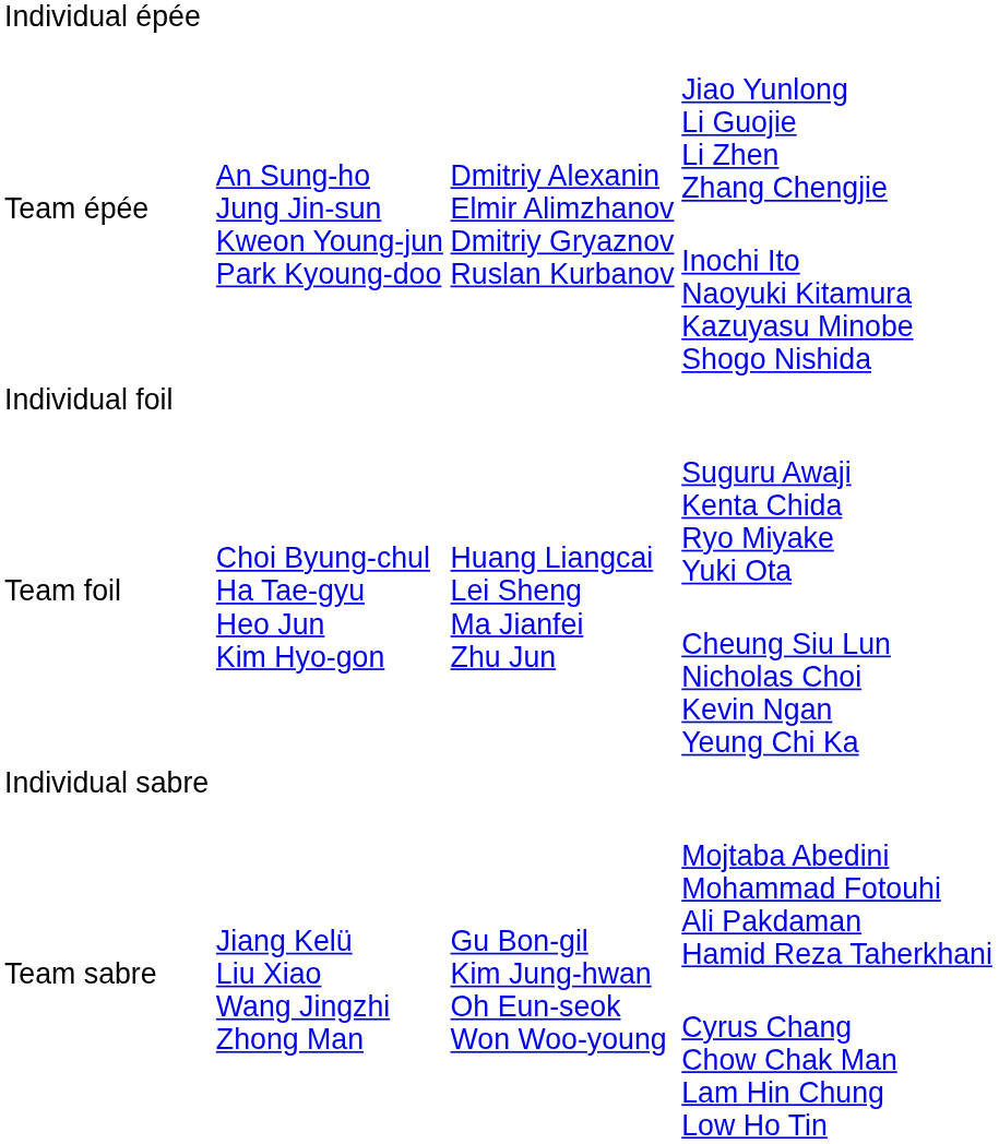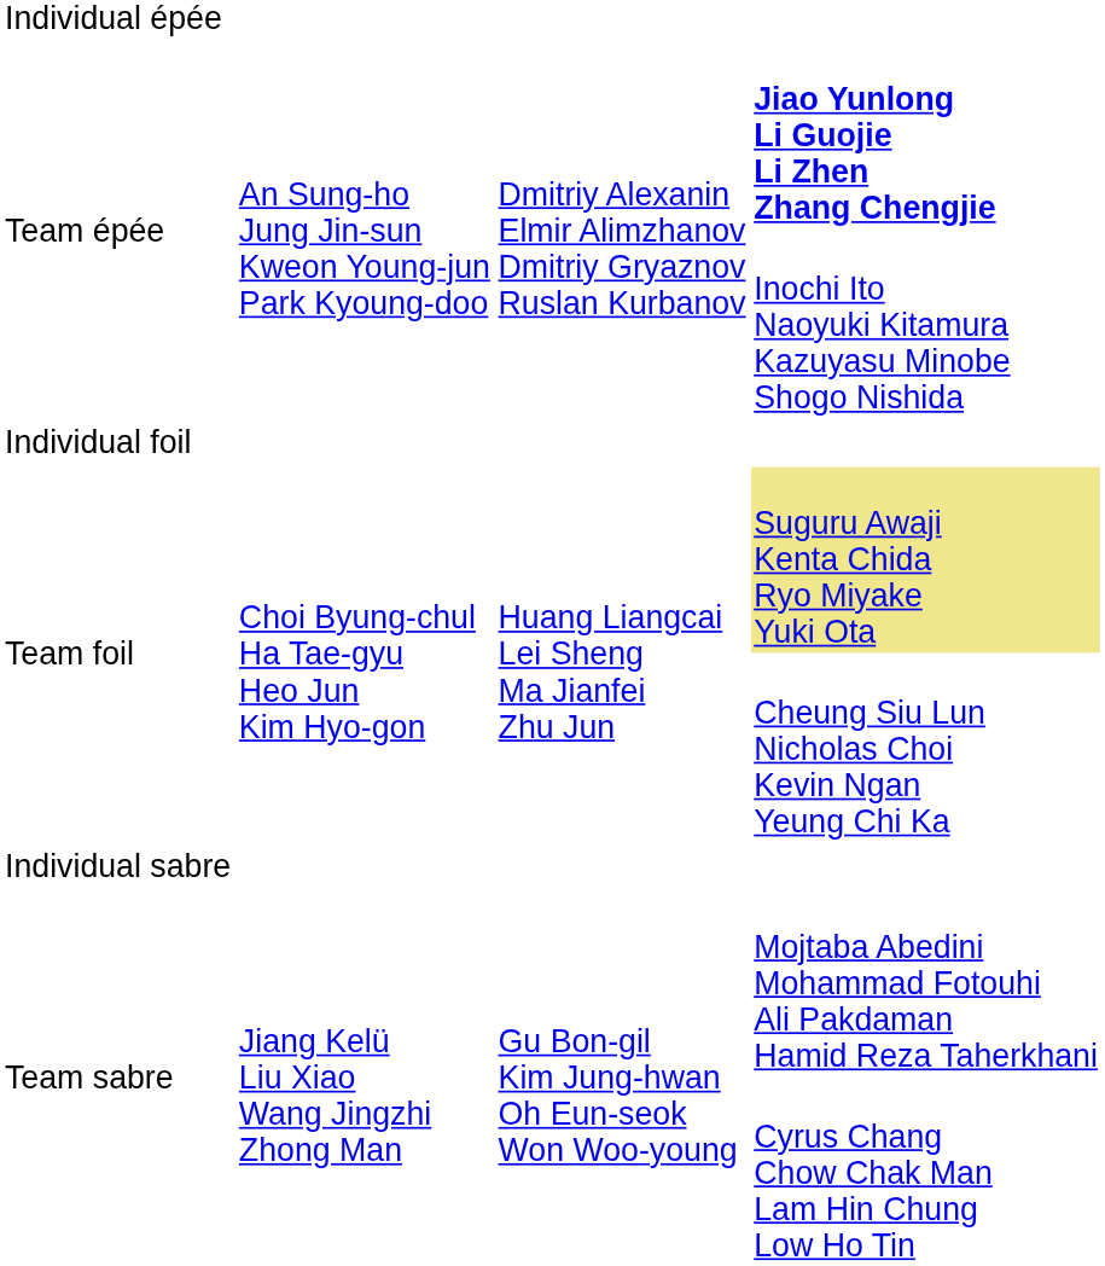 <table>
 <tr>
 <td rowspan=2>Individual épée</td>
 <td rowspan=2></td>
 <td rowspan=2></td>
 <td></td>
 </tr>
 <tr>
 <td></td>
 </tr>
 <tr>
 <td rowspan=2>Team épée</td>
 <td rowspan=2><br><a href='#'>An Sung-ho</a><br><a href='#'>Jung Jin-sun</a><br><a href='#'>Kweon Young-jun</a><br><a href='#'>Park Kyoung-doo</a></td>
 <td rowspan=2><br><a href='#'>Dmitriy Alexanin</a><br><a href='#'>Elmir Alimzhanov</a><br><a href='#'>Dmitriy Gryaznov</a><br><a href='#'>Ruslan Kurbanov</a></td>
-<td><br><a href='#'>Jiao Yunlong</a><br><a href='#'>Li Guojie</a><br><a href='#'>Li Zhen</a><br><a href='#'>Zhang Chengjie</a></td>
+<td><strong><br><a href='#'>Jiao Yunlong</a><br><a href='#'>Li Guojie</a><br><a href='#'>Li Zhen</a><br><a href='#'>Zhang Chengjie</a></strong></td>
 </tr>
 <tr>
 <td><br><a href='#'>Inochi Ito</a><br><a href='#'>Naoyuki Kitamura</a><br><a href='#'>Kazuyasu Minobe</a><br><a href='#'>Shogo Nishida</a></td>
 </tr>
 <tr>
 <td rowspan=2>Individual foil</td>
 <td rowspan=2></td>
 <td rowspan=2></td>
 <td></td>
 </tr>
 <tr>
 <td></td>
 </tr>
 <tr>
 <td rowspan=2>Team foil</td>
 <td rowspan=2><br><a href='#'>Choi Byung-chul</a><br><a href='#'>Ha Tae-gyu</a><br><a href='#'>Heo Jun</a><br><a href='#'>Kim Hyo-gon</a></td>
 <td rowspan=2><br><a href='#'>Huang Liangcai</a><br><a href='#'>Lei Sheng</a><br><a href='#'>Ma Jianfei</a><br><a href='#'>Zhu Jun</a></td>
-<td><br><a href='#'>Suguru Awaji</a><br><a href='#'>Kenta Chida</a><br><a href='#'>Ryo Miyake</a><br><a href='#'>Yuki Ota</a></td>
+<td style="background: khaki;"><br><a href='#'>Suguru Awaji</a><br><a href='#'>Kenta Chida</a><br><a href='#'>Ryo Miyake</a><br><a href='#'>Yuki Ota</a></td>
 </tr>
 <tr>
 <td><br><a href='#'>Cheung Siu Lun</a><br><a href='#'>Nicholas Choi</a><br><a href='#'>Kevin Ngan</a><br><a href='#'>Yeung Chi Ka</a></td>
 </tr>
 <tr>
 <td rowspan=2>Individual sabre</td>
 <td rowspan=2></td>
 <td rowspan=2></td>
 <td></td>
 </tr>
 <tr>
 <td></td>
 </tr>
 <tr>
 <td rowspan=2>Team sabre</td>
 <td rowspan=2><br><a href='#'>Jiang Kelü</a><br><a href='#'>Liu Xiao</a><br><a href='#'>Wang Jingzhi</a><br><a href='#'>Zhong Man</a></td>
 <td rowspan=2><br><a href='#'>Gu Bon-gil</a><br><a href='#'>Kim Jung-hwan</a><br><a href='#'>Oh Eun-seok</a><br><a href='#'>Won Woo-young</a></td>
 <td><br><a href='#'>Mojtaba Abedini</a><br><a href='#'>Mohammad Fotouhi</a><br><a href='#'>Ali Pakdaman</a><br><a href='#'>Hamid Reza Taherkhani</a></td>
 </tr>
 <tr>
 <td><br><a href='#'>Cyrus Chang</a><br><a href='#'>Chow Chak Man</a><br><a href='#'>Lam Hin Chung</a><br><a href='#'>Low Ho Tin</a></td>
 </tr>
 </table>
